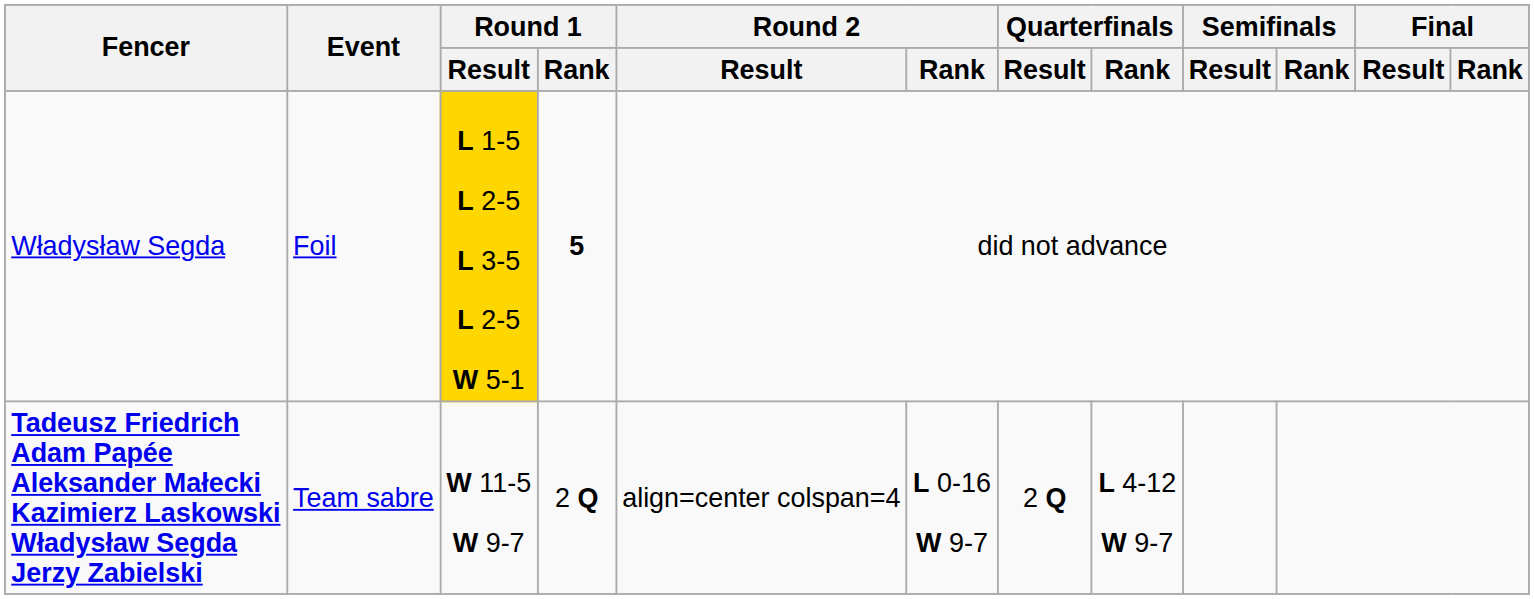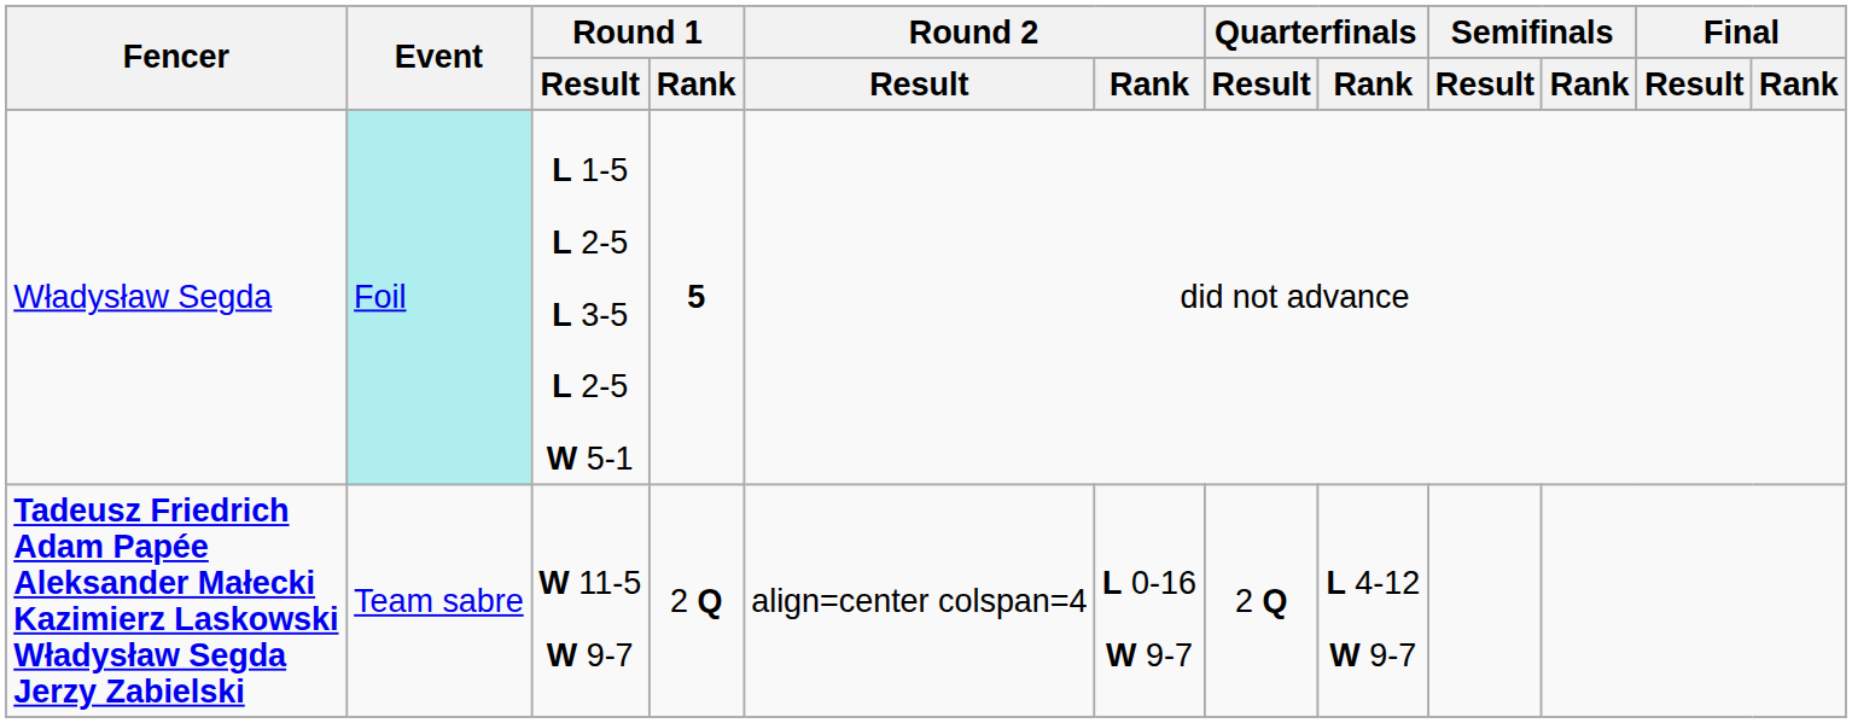 <table class=wikitable style="font-size:90%">
 <tr>
 <th rowspan=2>Fencer</th>
 <th rowspan=2>Event</th>
 <th colspan=2>Round 1</th>
 <th colspan=2>Round 2</th>
 <th colspan=2>Quarterfinals</th>
 <th colspan=2>Semifinals</th>
 <th colspan=2>Final</th>
 </tr>
 <tr>
 <th>Result</th>
 <th>Rank</th>
 <th>Result</th>
 <th>Rank</th>
 <th>Result</th>
 <th>Rank</th>
 <th>Result</th>
 <th>Rank</th>
 <th>Result</th>
 <th>Rank</th>
 </tr>
 <tr>
 <td><a href='#'>Władysław Segda</a></td>
-<td><a href='#'>Foil</a></td>
-<td align=center style="background: gold;"><br><strong>L</strong> 1-5<br><br><strong>L</strong> 2-5<br><br><strong>L</strong> 3-5<br><br><strong>L</strong> 2-5<br><br><strong>W</strong> 5-1</td>
+<td style="background: paleturquoise;"><a href='#'>Foil</a></td>
+<td align=center><br><strong>L</strong> 1-5<br><br><strong>L</strong> 2-5<br><br><strong>L</strong> 3-5<br><br><strong>L</strong> 2-5<br><br><strong>W</strong> 5-1</td>
 <td align=center><strong>5</strong></td>
 <td align=center colspan=8>did not advance</td>
 </tr>
 <tr>
 <td><strong><a href='#'>Tadeusz Friedrich</a> <br> <a href='#'>Adam Papée</a><br> <a href='#'>Aleksander Małecki</a> <br> <a href='#'>Kazimierz Laskowski</a> <br> <a href='#'>Władysław Segda</a> <br> <a href='#'>Jerzy Zabielski</a></strong></td>
 <td><a href='#'>Team sabre</a></td>
 <td align=center><br> <strong>W</strong> 11-5<br><br> <strong>W</strong> 9-7</td>
 <td align=center>2 <strong>Q</strong></td>
 <td>align=center colspan=4 </td>
 <td align=center><br> <strong>L</strong> 0-16<br><br> <strong>W</strong> 9-7</td>
 <td align=center>2 <strong>Q</strong></td>
 <td align=center><br>  <strong>L</strong> 4-12<br><br> <strong>W</strong> 9-7</td>
 <td align=center></td>
 </tr>
 </table>
